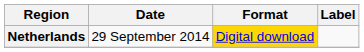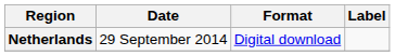 <table class="wikitable plainrowheaders">
 <tr>
 <th scope="col">Region</th>
 <th scope="col">Date</th>
 <th scope="col">Format</th>
 <th scope="col">Label</th>
 </tr>
 <tr>
 <th scope="row">Netherlands</th>
 <td>29 September 2014</td>
-<td style="background: gold;"><a href='#'>Digital download</a></td>
+<td><a href='#'>Digital download</a></td>
 <td></td>
 </tr>
 <tr>
 </tr>
 </table>
